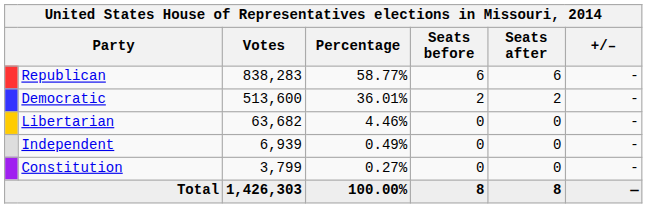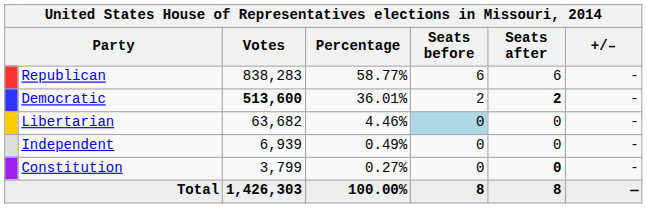 <table class="wikitable" style="font-size: 95%;">
 <tr>
 <th colspan="7">United States House of Representatives elections in Missouri, 2014</th>
 </tr>
 <tr>
 <th colspan=2 style="width: 15em">Party</th>
 <th style="width: 5em">Votes</th>
 <th style="width: 7em">Percentage</th>
 <th style="width: 5em">Seats before</th>
 <th style="width: 5em">Seats after</th>
 <th style="width: 5em">+/–</th>
 </tr>
 <tr>
 <th style="background-color:#FF3333; width: 3px"></th>
 <td style="width: 130px"><a href='#'>Republican</a></td>
 <td align="right">838,283</td>
 <td align="right">58.77%</td>
 <td align="right">6</td>
 <td align="right">6</td>
 <td align="right">-</td>
 </tr>
 <tr>
 <th style="background-color:#3333FF; width: 3px"></th>
 <td style="width: 130px"><a href='#'>Democratic</a></td>
-<td align="right">513,600</td>
+<td align="right"><strong>513,600</strong></td>
 <td align="right">36.01%</td>
 <td align="right">2</td>
-<td align="right">2</td>
+<td align="right"><strong>2</strong></td>
 <td align="right">-</td>
 </tr>
 <tr>
 <th style="background-color:#FFCC00; width: 3px"></th>
 <td style="width: 130px"><a href='#'>Libertarian</a></td>
 <td align="right">63,682</td>
 <td align="right">4.46%</td>
-<td align="right">0</td>
+<td align="right" style="background: lightblue;">0</td>
 <td align="right">0</td>
 <td align="right">-</td>
 </tr>
 <tr>
 <th style="background-color:#DDDDDD; width: 3px"></th>
 <td style="width: 130px"><a href='#'>Independent</a></td>
 <td align="right">6,939</td>
 <td align="right">0.49%</td>
 <td align="right">0</td>
 <td align="right">0</td>
 <td align="right">-</td>
 </tr>
 <tr>
 <th style="background-color:#A020F0; width: 3px"></th>
 <td style="width: 130px"><a href='#'>Constitution</a></td>
 <td align="right">3,799</td>
 <td align="right">0.27%</td>
 <td align="right">0</td>
-<td align="right">0</td>
+<td align="right"><strong>0</strong></td>
 <td align="right">-</td>
 </tr>
 <tr bgcolor="#EEEEEE">
 <td colspan="2" align="right"><strong>Total</strong></td>
 <td align="right"><strong>1,426,303</strong></td>
 <td align="right"><strong>100.00%</strong></td>
 <td align="right"><strong>8</strong></td>
 <td align="right"><strong>8</strong></td>
 <td align="right"><strong>—</strong></td>
 </tr>
 </table>
